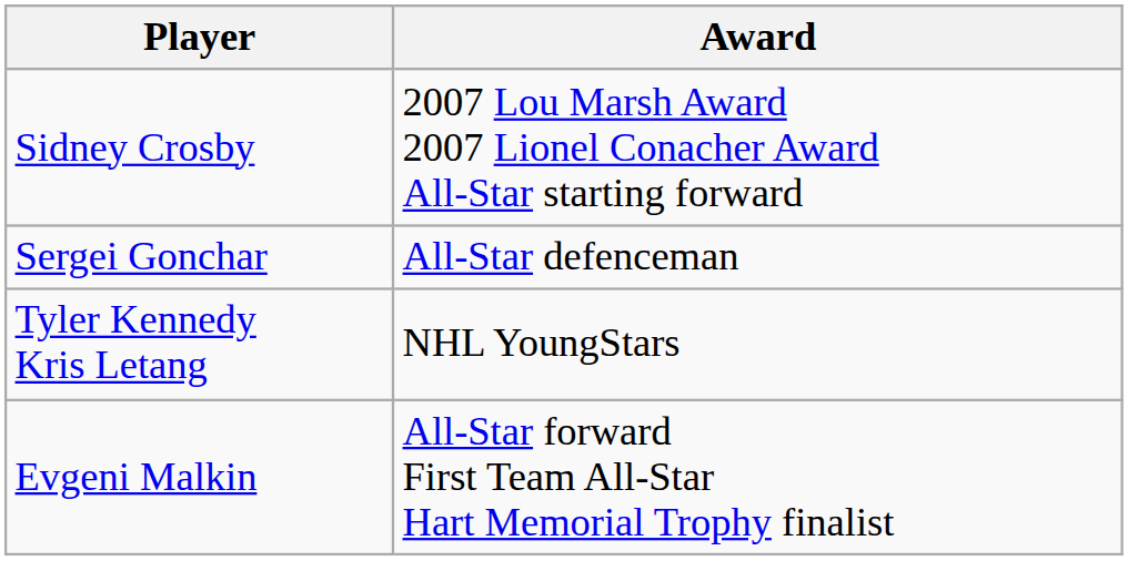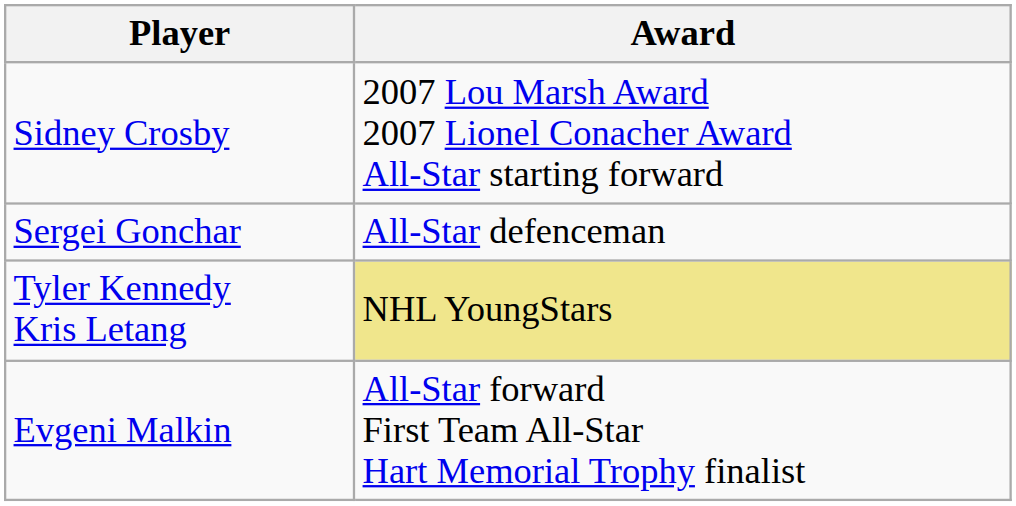 <table class="wikitable" style="width:35%;">
 <tr style="background:#ddd;">
 <th>Player</th>
 <th>Award</th>
 </tr>
 <tr>
 <td><a href='#'>Sidney Crosby</a></td>
 <td>2007 <a href='#'>Lou Marsh Award</a> <br> 2007 <a href='#'>Lionel Conacher Award</a> <br><a href='#'>All-Star</a> starting forward</td>
 </tr>
 <tr>
 <td><a href='#'>Sergei Gonchar</a></td>
 <td><a href='#'>All-Star</a> defenceman</td>
 </tr>
 <tr>
 <td><a href='#'>Tyler Kennedy</a> <br> <a href='#'>Kris Letang</a></td>
-<td>NHL YoungStars</td>
+<td style="background: khaki;">NHL YoungStars</td>
 </tr>
 <tr>
 <td><a href='#'>Evgeni Malkin</a></td>
 <td><a href='#'>All-Star</a> forward <br> First Team All-Star <br> <a href='#'>Hart Memorial Trophy</a> finalist</td>
 </tr>
 </table>
